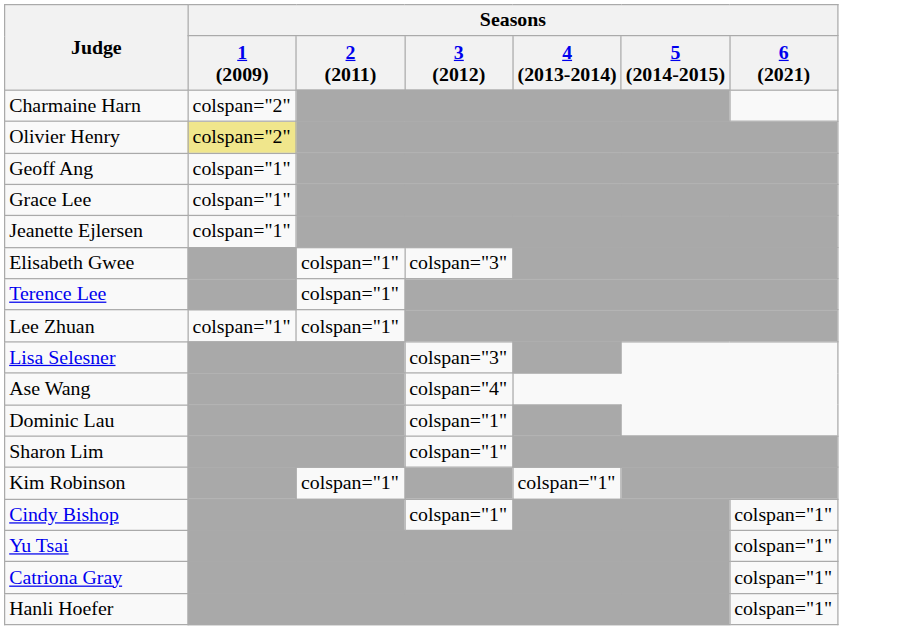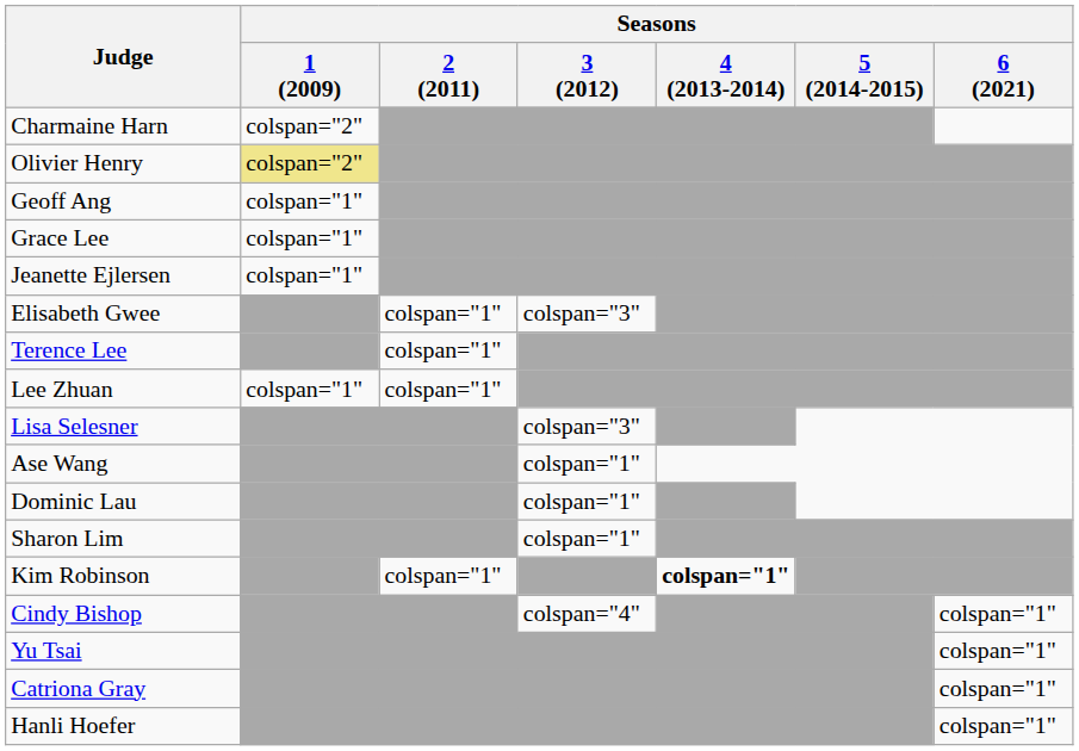 <table class="wikitable">
 <tr>
 <th rowspan="2">Judge</th>
 <th colspan="6">Seasons</th>
 </tr>
 <tr>
 <th width="13%"><a href='#'>1</a><br> (2009)</th>
 <th width="13%"><a href='#'>2</a><br> (2011)</th>
 <th width="13%"><a href='#'>3</a><br> (2012)</th>
 <th width="13%"><a href='#'>4</a><br> (2013-2014)</th>
 <th width="13%"><a href='#'>5</a><br> (2014-2015)</th>
 <th width="13%"><a href='#'>6</a><br> (2021)</th>
 </tr>
 <tr>
 <td>Charmaine Harn</td>
 <td>colspan="2" </td>
 <td style="background:darkgrey;" colspan="4"></td>
 </tr>
 <tr>
 <td>Olivier Henry</td>
 <td style="background: khaki;">colspan="2" </td>
 <td style="background:darkgrey;" colspan="5"></td>
 </tr>
 <tr>
 <td>Geoff Ang</td>
 <td>colspan="1" </td>
 <td style="background:darkgrey;" colspan="5"></td>
 </tr>
 <tr>
 <td>Grace Lee</td>
 <td>colspan="1" </td>
 <td style="background:darkgrey;" colspan="5"></td>
 </tr>
 <tr>
 <td>Jeanette Ejlersen</td>
 <td>colspan="1" </td>
 <td style="background:darkgrey;" colspan="5"></td>
 </tr>
 <tr>
 <td>Elisabeth Gwee</td>
 <td style="background:darkgrey;"></td>
 <td>colspan="1" </td>
 <td>colspan="3" </td>
 <td style="background:darkgrey;" colspan="3"></td>
 </tr>
 <tr>
 <td><a href='#'>Terence Lee</a></td>
 <td style="background:darkgrey;"></td>
 <td>colspan="1" </td>
 <td style="background:darkgrey;" colspan="4"></td>
 </tr>
 <tr>
 <td>Lee Zhuan</td>
 <td>colspan="1" </td>
 <td>colspan="1" </td>
 <td style="background:darkgrey;" colspan="4"></td>
 </tr>
 <tr>
 <td><a href='#'>Lisa Selesner</a></td>
 <td style="background:darkgrey;" colspan="2"></td>
 <td>colspan="3" </td>
 <td style="background:darkgrey;"></td>
 </tr>
 <tr>
 <td>Ase Wang</td>
 <td style="background:darkgrey;" colspan="2"></td>
-<td>colspan="4" </td>
+<td>colspan="1" </td>
 </tr>
 <tr>
 <td>Dominic Lau</td>
 <td style="background:darkgrey;" colspan="2"></td>
 <td>colspan="1" </td>
 <td style="background:darkgrey;"></td>
 </tr>
 <tr>
 <td>Sharon Lim</td>
 <td style="background:darkgrey;" colspan="2"></td>
 <td>colspan="1" </td>
 <td style="background:darkgrey;" colspan="3"></td>
 </tr>
 <tr>
 <td>Kim Robinson</td>
 <td style="background:darkgrey;"></td>
 <td>colspan="1" </td>
 <td style="background:darkgrey;"></td>
-<td>colspan="1" </td>
+<td><strong>colspan="1" </strong></td>
 <td style="background:darkgrey;" colspan="2"></td>
 </tr>
 <tr>
 <td><a href='#'>Cindy Bishop</a></td>
 <td style="background:darkgrey;" colspan="2"></td>
-<td>colspan="1" </td>
+<td>colspan="4" </td>
 <td style="background:darkgrey;" colspan="2"></td>
 <td>colspan="1" </td>
 </tr>
 <tr>
 <td><a href='#'>Yu Tsai</a></td>
 <td style="background:darkgrey;" colspan="5"></td>
 <td>colspan="1" </td>
 </tr>
 <tr>
 <td><a href='#'>Catriona Gray</a></td>
 <td style="background:darkgrey;" colspan="5"></td>
 <td>colspan="1" </td>
 </tr>
 <tr>
 <td>Hanli Hoefer</td>
 <td style="background:darkgrey;" colspan="5"></td>
 <td>colspan="1" </td>
 </tr>
 </table>
